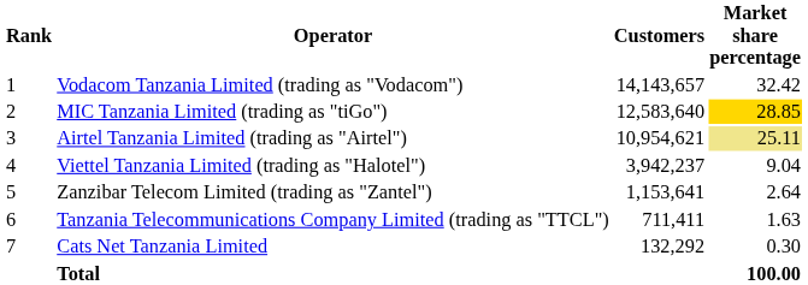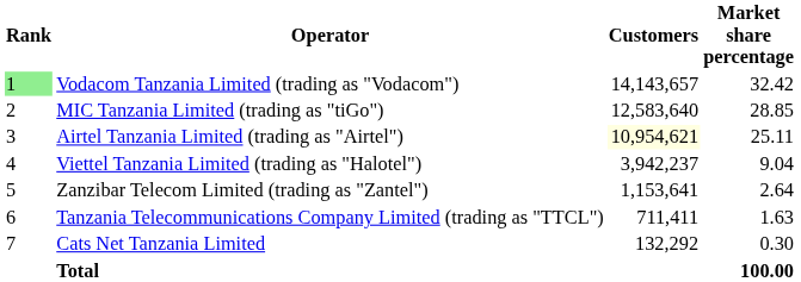 <table>
 <tr>
 <th>Rank</th>
 <th>Operator</th>
 <th>Customers</th>
 <th>Market<br>share<br>percentage</th>
 </tr>
 <tr>
-<td>1</td>
+<td style="background: lightgreen;">1</td>
 <td><a href='#'>Vodacom Tanzania Limited</a> (trading as "Vodacom")</td>
 <td align=right>14,143,657</td>
 <td align=right>32.42</td>
 </tr>
 <tr>
 <td>2</td>
 <td><a href='#'>MIC Tanzania Limited</a> (trading as "tiGo")</td>
 <td align=right>12,583,640</td>
-<td align=right style="background: gold;">28.85</td>
+<td align=right>28.85</td>
 </tr>
 <tr>
 <td>3</td>
 <td><a href='#'>Airtel Tanzania Limited</a> (trading as "Airtel")</td>
-<td align=right>10,954,621</td>
-<td align=right style="background: khaki;">25.11</td>
+<td align=right style="background: lightyellow;">10,954,621</td>
+<td align=right>25.11</td>
 </tr>
 <tr>
 <td>4</td>
 <td><a href='#'>Viettel Tanzania Limited</a> (trading as "Halotel")</td>
 <td align=right>3,942,237</td>
 <td align=right>9.04</td>
 </tr>
 <tr>
 <td>5</td>
 <td>Zanzibar Telecom Limited (trading as "Zantel")</td>
 <td align=right>1,153,641</td>
 <td align=right>2.64</td>
 </tr>
 <tr>
 <td>6</td>
 <td><a href='#'>Tanzania Telecommunications Company Limited</a> (trading as "TTCL")</td>
 <td align=right>711,411</td>
 <td align=right>1.63</td>
 </tr>
 <tr>
 <td>7</td>
 <td><a href='#'>Cats Net Tanzania Limited </a></td>
 <td align=right>132,292</td>
 <td align=right>0.30</td>
 </tr>
 <tr>
 <td></td>
 <td><strong>Total</strong></td>
 <td></td>
 <td align=right><strong>100.00</strong></td>
 </tr>
 <tr>
 </tr>
 </table>
